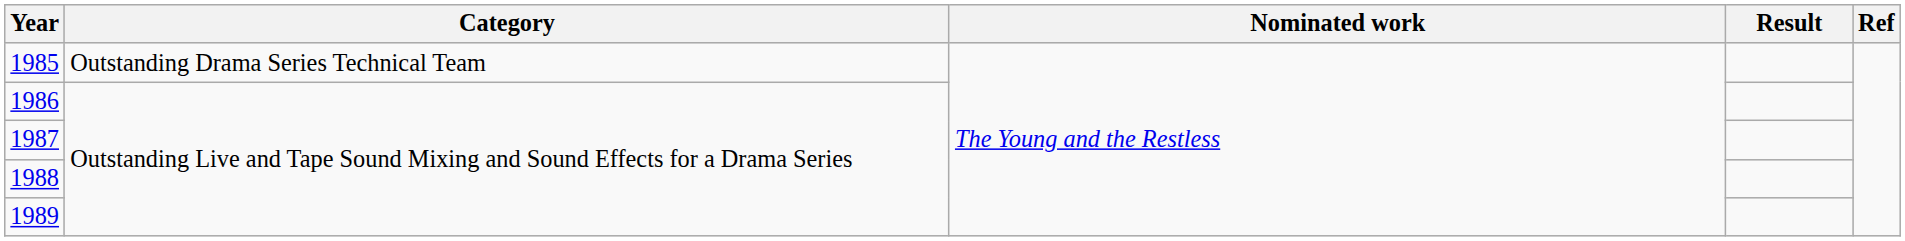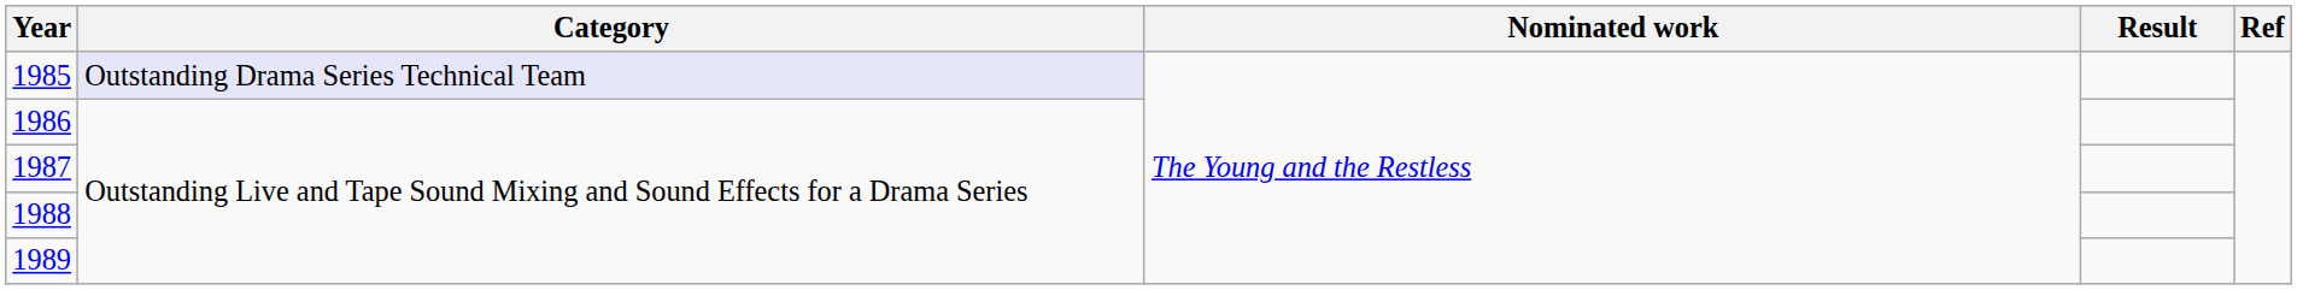 <table class="wikitable sortable">
 <tr>
 <th scope="col" style="width:1em;">Year</th>
 <th scope="col" style="width:40em;">Category</th>
 <th scope="col" style="width:35em;">Nominated work</th>
 <th scope="col" style="width:5em;">Result</th>
 <th scope="col" style="width:1em;" class="unsortable">Ref</th>
 </tr>
 <tr>
 <td><a href='#'>1985</a></td>
-<td>Outstanding Drama Series Technical Team</td>
+<td style="background: lavender;">Outstanding Drama Series Technical Team</td>
 <td rowspan="5"><em><a href='#'>The Young and the Restless</a></em></td>
 <td></td>
 <td rowspan="5"></td>
 </tr>
 <tr>
 <td><a href='#'>1986</a></td>
 <td rowspan="4">Outstanding Live and Tape Sound Mixing and Sound Effects for a Drama Series</td>
 <td></td>
 </tr>
 <tr>
 <td><a href='#'>1987</a></td>
 <td></td>
 </tr>
 <tr>
 <td><a href='#'>1988</a></td>
 <td></td>
 </tr>
 <tr>
 <td><a href='#'>1989</a></td>
 <td></td>
 </tr>
 </table>
